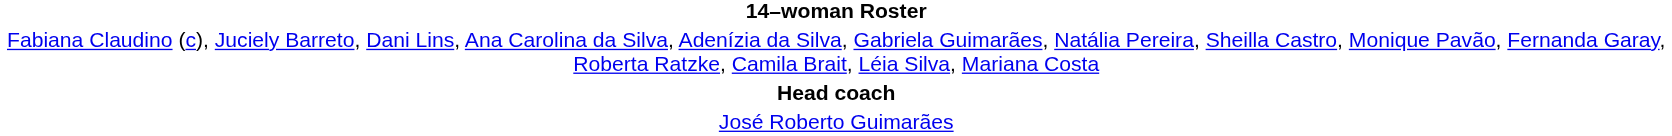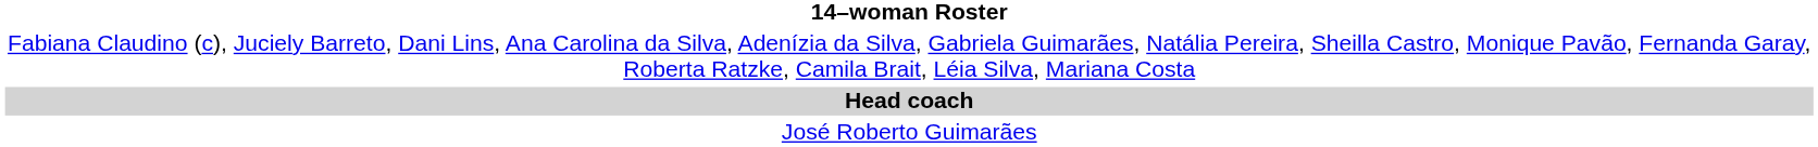 <table style="text-align: center; margin-top: 2em; margin-left: auto; margin-right: auto">
 <tr>
 <td><strong>14–woman Roster</strong></td>
 </tr>
 <tr>
 <td><a href='#'>Fabiana Claudino</a> (<a href='#'>c</a>), <a href='#'>Juciely Barreto</a>, <a href='#'>Dani Lins</a>, <a href='#'>Ana Carolina da Silva</a>, <a href='#'>Adenízia da Silva</a>, <a href='#'>Gabriela Guimarães</a>, <a href='#'>Natália Pereira</a>, <a href='#'>Sheilla Castro</a>, <a href='#'>Monique Pavão</a>, <a href='#'>Fernanda Garay</a>, <a href='#'>Roberta Ratzke</a>, <a href='#'>Camila Brait</a>, <a href='#'>Léia Silva</a>, <a href='#'>Mariana Costa</a></td>
 </tr>
 <tr>
-<td><strong>Head coach</strong></td>
+<td style="background: lightgrey;"><strong>Head coach</strong></td>
 </tr>
 <tr>
 <td><a href='#'>José Roberto Guimarães</a></td>
 </tr>
 </table>
